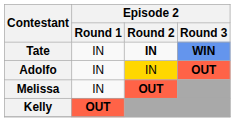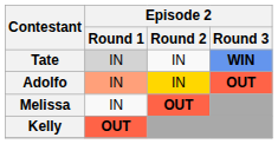 <table class="wikitable" style="text-align:center;font-size:100%">
 <tr>
 <th rowspan=2>Contestant</th>
 <th colspan=3>Episode 2</th>
 </tr>
 <tr>
 <th>Round 1</th>
 <th>Round 2</th>
 <th>Round 3</th>
 </tr>
 <tr>
 <th>Tate</th>
+<td style="background: lightgrey;">IN</td>
 <td>IN</td>
-<td><strong>IN</strong></td>
 <td style="background:cornflowerblue;"><strong>WIN</strong></td>
 </tr>
 <tr>
 <th>Adolfo</th>
-<td>IN</td>
+<td style="background: lightsalmon;">IN</td>
 <td style="background: gold;">IN</td>
 <td style="background:tomato;"><strong>OUT</strong></td>
 </tr>
 <tr>
 <th>Melissa</th>
 <td>IN</td>
 <td style="background:tomato;"><strong>OUT</strong></td>
 <td colspan="3" style="background:darkgrey;"></td>
 </tr>
 <tr>
 <th>Kelly</th>
 <td style="background:tomato;"><strong>OUT</strong></td>
 <td colspan="3" style="background:darkgrey;"></td>
 </tr>
 <tr>
 </tr>
 </table>
